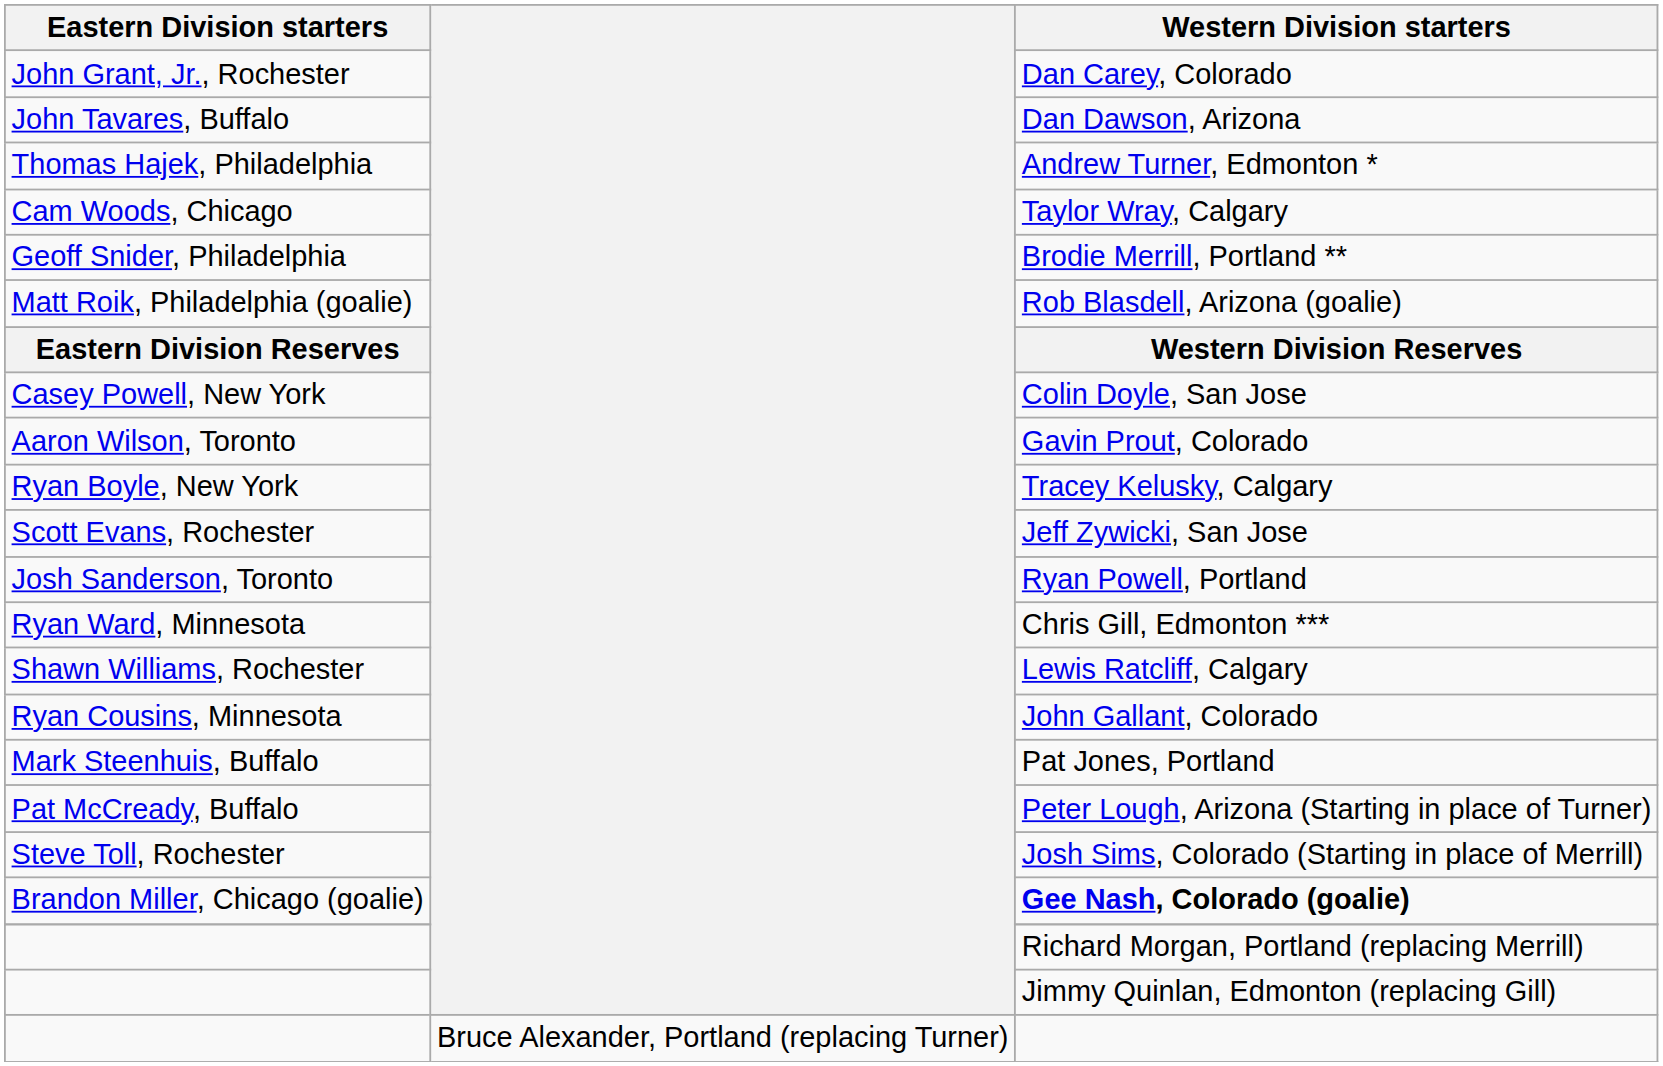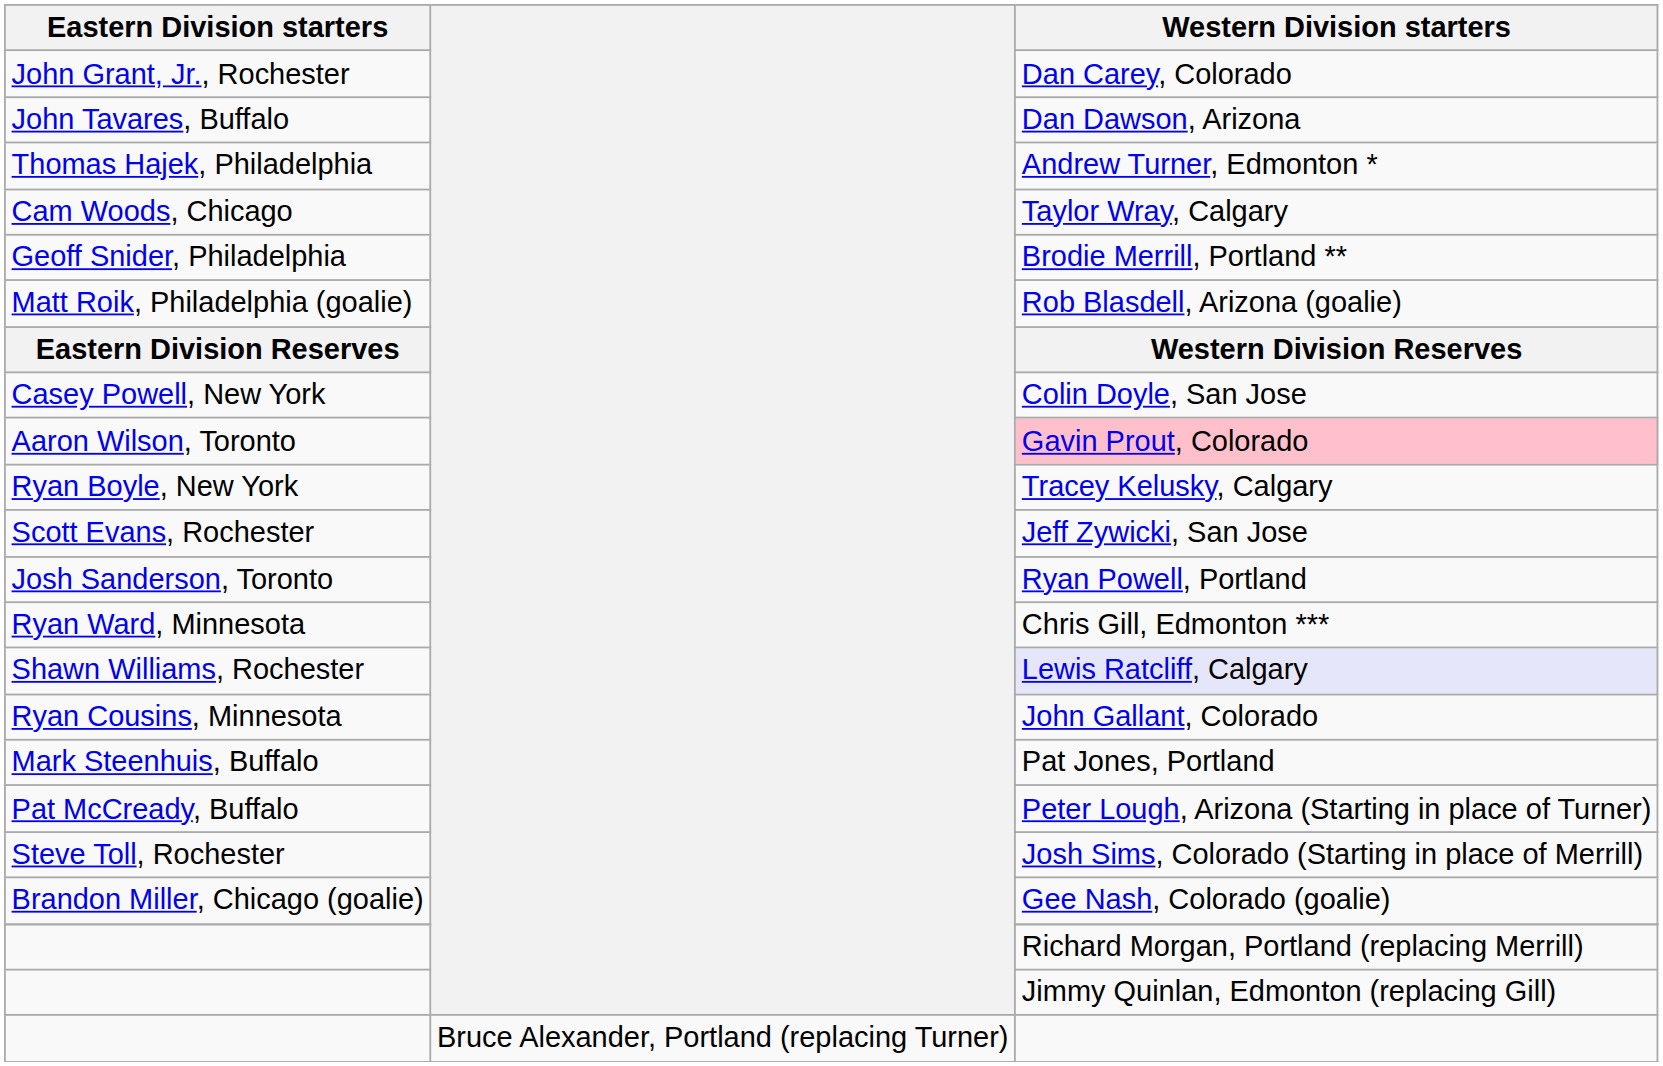 <table class="wikitable">
 <tr>
 <th>Eastern Division starters</th>
 <th rowspan="23"> </th>
 <th>Western Division starters</th>
 </tr>
 <tr>
 <td><a href='#'>John Grant, Jr.</a>, Rochester</td>
 <td><a href='#'>Dan Carey</a>, Colorado</td>
 </tr>
 <tr>
 <td><a href='#'>John Tavares</a>, Buffalo</td>
 <td><a href='#'>Dan Dawson</a>, Arizona</td>
 </tr>
 <tr>
 <td><a href='#'>Thomas Hajek</a>, Philadelphia</td>
 <td><a href='#'>Andrew Turner</a>, Edmonton *</td>
 </tr>
 <tr>
 <td><a href='#'>Cam Woods</a>, Chicago</td>
 <td><a href='#'>Taylor Wray</a>, Calgary</td>
 </tr>
 <tr>
 <td><a href='#'>Geoff Snider</a>, Philadelphia</td>
 <td><a href='#'>Brodie Merrill</a>, Portland **</td>
 </tr>
 <tr>
 <td><a href='#'>Matt Roik</a>, Philadelphia (goalie)</td>
 <td><a href='#'>Rob Blasdell</a>, Arizona (goalie)</td>
 </tr>
 <tr>
 <th>Eastern Division Reserves</th>
 <th>Western Division Reserves</th>
 </tr>
 <tr>
 <td><a href='#'>Casey Powell</a>, New York</td>
 <td><a href='#'>Colin Doyle</a>, San Jose</td>
 </tr>
 <tr>
 <td><a href='#'>Aaron Wilson</a>, Toronto</td>
-<td><a href='#'>Gavin Prout</a>, Colorado</td>
+<td style="background: pink;"><a href='#'>Gavin Prout</a>, Colorado</td>
 </tr>
 <tr>
 <td><a href='#'>Ryan Boyle</a>, New York</td>
 <td><a href='#'>Tracey Kelusky</a>, Calgary</td>
 </tr>
 <tr>
 <td><a href='#'>Scott Evans</a>, Rochester</td>
 <td><a href='#'>Jeff Zywicki</a>, San Jose</td>
 </tr>
 <tr>
 <td><a href='#'>Josh Sanderson</a>, Toronto</td>
 <td><a href='#'>Ryan Powell</a>, Portland</td>
 </tr>
 <tr>
 <td><a href='#'>Ryan Ward</a>, Minnesota</td>
 <td>Chris Gill, Edmonton ***</td>
 </tr>
 <tr>
 <td><a href='#'>Shawn Williams</a>, Rochester</td>
-<td><a href='#'>Lewis Ratcliff</a>, Calgary</td>
+<td style="background: lavender;"><a href='#'>Lewis Ratcliff</a>, Calgary</td>
 </tr>
 <tr>
 <td><a href='#'>Ryan Cousins</a>, Minnesota</td>
 <td><a href='#'>John Gallant</a>, Colorado</td>
 </tr>
 <tr>
 <td><a href='#'>Mark Steenhuis</a>, Buffalo</td>
 <td>Pat Jones, Portland</td>
 </tr>
 <tr>
 <td><a href='#'>Pat McCready</a>, Buffalo</td>
 <td><a href='#'>Peter Lough</a>, Arizona (Starting in place of Turner)</td>
 </tr>
 <tr>
 <td><a href='#'>Steve Toll</a>, Rochester</td>
 <td><a href='#'>Josh Sims</a>, Colorado (Starting in place of Merrill)</td>
 </tr>
 <tr>
 <td><a href='#'>Brandon Miller</a>, Chicago (goalie)</td>
-<td><strong><a href='#'>Gee Nash</a>, Colorado (goalie)</strong></td>
+<td><a href='#'>Gee Nash</a>, Colorado (goalie)</td>
 </tr>
 <tr>
 </tr>
 <tr>
 <td> </td>
 <td>Richard Morgan, Portland (replacing Merrill)</td>
 </tr>
 <tr>
 <td> </td>
 <td>Jimmy Quinlan, Edmonton (replacing Gill)</td>
 </tr>
 <tr>
 <td> </td>
 <td>Bruce Alexander, Portland (replacing Turner)</td>
 </tr>
 </table>
